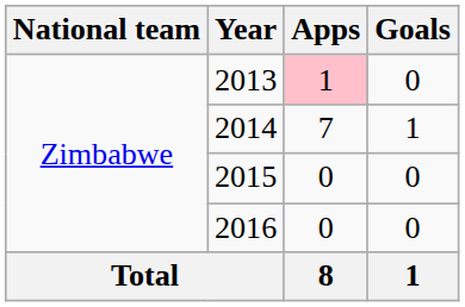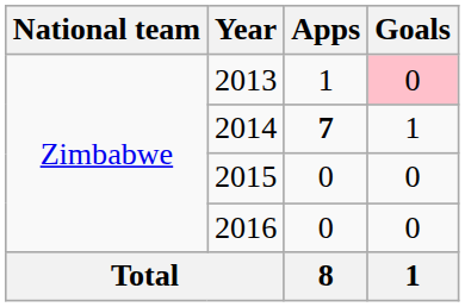 <table class="wikitable" style="text-align:center">
 <tr>
 <th>National team</th>
 <th>Year</th>
 <th>Apps</th>
 <th>Goals</th>
 </tr>
 <tr>
 <td rowspan="4"><a href='#'>Zimbabwe</a></td>
 <td>2013</td>
-<td style="background: pink;">1</td>
-<td>0</td>
+<td>1</td>
+<td style="background: pink;">0</td>
 </tr>
 <tr>
 <td>2014</td>
-<td>7</td>
+<td><strong>7</strong></td>
 <td>1</td>
 </tr>
 <tr>
 <td>2015</td>
 <td>0</td>
 <td>0</td>
 </tr>
 <tr>
 <td>2016</td>
 <td>0</td>
 <td>0</td>
 </tr>
 <tr>
 <th colspan=2>Total</th>
 <th>8</th>
 <th>1</th>
 </tr>
 </table>
